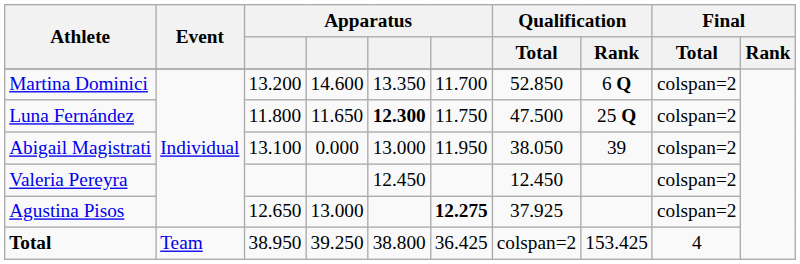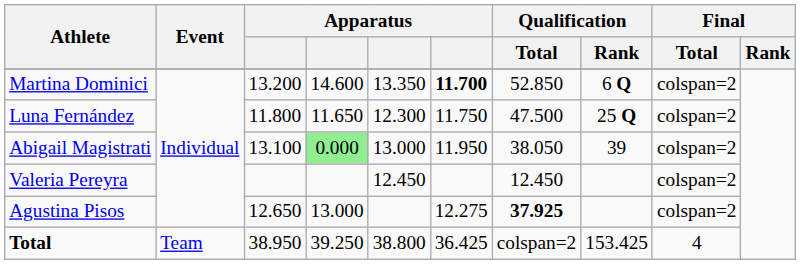 <table class="wikitable" style="font-size:90%">
 <tr>
 <th rowspan="2">Athlete</th>
 <th rowspan="2">Event</th>
 <th colspan = "4">Apparatus</th>
 <th colspan = "2">Qualification</th>
 <th colspan = "2">Final</th>
 </tr>
 <tr>
 <th></th>
 <th></th>
 <th></th>
 <th></th>
 <th>Total</th>
 <th>Rank</th>
 <th>Total</th>
 <th>Rank</th>
 </tr>
 <tr>
 </tr>
 <tr style="text-align:center">
 <td style="text-align:left"><a href='#'>Martina Dominici</a></td>
 <td style="text-align:left;" rowspan="5"><a href='#'>Individual</a></td>
 <td>13.200</td>
 <td>14.600</td>
 <td>13.350</td>
-<td>11.700</td>
+<td><strong>11.700</strong></td>
 <td>52.850</td>
 <td>6 <strong>Q</strong></td>
 <td>colspan=2 </td>
 </tr>
 <tr style="text-align:center">
 <td style="text-align:left"><a href='#'>Luna Fernández</a></td>
 <td>11.800</td>
 <td>11.650</td>
-<td><strong>12.300</strong></td>
+<td>12.300</td>
 <td>11.750</td>
 <td>47.500</td>
 <td>25 <strong>Q</strong></td>
 <td>colspan=2 </td>
 </tr>
 <tr style="text-align:center">
 <td style="text-align:left"><a href='#'>Abigail Magistrati</a></td>
 <td>13.100</td>
-<td>0.000</td>
+<td style="background: lightgreen;">0.000</td>
 <td>13.000</td>
 <td>11.950</td>
 <td>38.050</td>
 <td>39</td>
 <td>colspan=2 </td>
 </tr>
 <tr style="text-align:center">
 <td style="text-align:left"><a href='#'>Valeria Pereyra</a></td>
 <td></td>
 <td></td>
 <td>12.450</td>
 <td></td>
 <td>12.450</td>
 <td></td>
 <td>colspan=2 </td>
 </tr>
 <tr style="text-align:center">
 <td style="text-align:left"><a href='#'>Agustina Pisos</a></td>
 <td>12.650</td>
 <td>13.000</td>
 <td></td>
-<td><strong>12.275</strong></td>
-<td>37.925</td>
+<td>12.275</td>
+<td><strong>37.925</strong></td>
 <td></td>
 <td>colspan=2 </td>
 </tr>
 <tr style="text-align:center">
 <td style="text-align:left"><strong>Total</strong></td>
 <td style="text-align:left;"><a href='#'>Team</a></td>
 <td>38.950</td>
 <td>39.250</td>
 <td>38.800</td>
 <td>36.425</td>
 <td>colspan=2 </td>
 <td>153.425</td>
 <td>4</td>
 </tr>
 </table>
